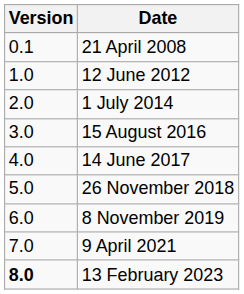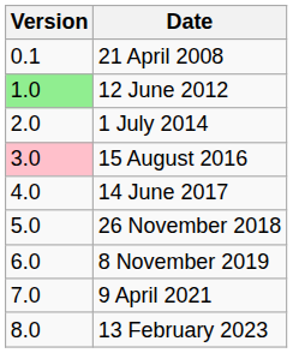 <table class="wikitable">
 <tr>
 <th>Version</th>
 <th>Date</th>
 </tr>
 <tr>
 <td>0.1</td>
 <td>21 April 2008</td>
 </tr>
 <tr>
-<td>1.0</td>
+<td style="background: lightgreen;">1.0</td>
 <td>12 June 2012</td>
 </tr>
 <tr>
 <td>2.0</td>
 <td>1 July 2014</td>
 </tr>
 <tr>
-<td>3.0</td>
+<td style="background: pink;">3.0</td>
 <td>15 August 2016</td>
 </tr>
 <tr>
 <td>4.0</td>
 <td>14 June 2017</td>
 </tr>
 <tr>
 <td>5.0</td>
 <td>26 November 2018</td>
 </tr>
 <tr>
 <td>6.0</td>
 <td>8 November 2019</td>
 </tr>
 <tr>
 <td>7.0</td>
 <td>9 April 2021</td>
 </tr>
 <tr>
-<td><strong>8.0</strong></td>
+<td>8.0</td>
 <td>13 February 2023</td>
 </tr>
 </table>
